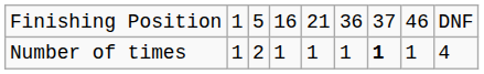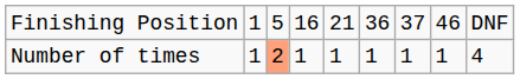 <table class="wikitable">
 <tr style=>
 <td>Finishing Position</td>
 <td>1</td>
 <td>5</td>
 <td>16</td>
 <td>21</td>
 <td>36</td>
 <td>37</td>
 <td>46</td>
 <td>DNF</td>
 </tr>
 <tr>
 <td>Number of times</td>
 <td>1</td>
-<td>2</td>
+<td style="background: lightsalmon;">2</td>
 <td>1</td>
 <td>1</td>
 <td>1</td>
-<td><strong>1</strong></td>
+<td>1</td>
 <td>1</td>
 <td>4</td>
 </tr>
 </table>
